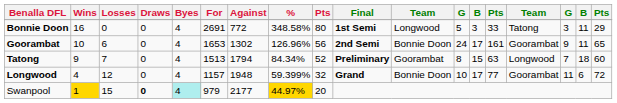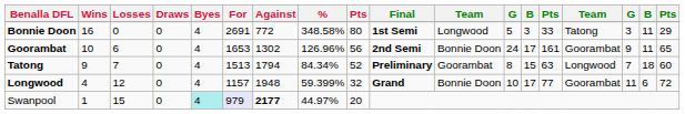 <table style="font-size: 85%; text-align: left;" class="wikitable">
 <tr>
 <th style="color:crimson">Benalla DFL</th>
 <th style="color:crimson">Wins</th>
 <th style="color:crimson">Losses</th>
 <th style="color:crimson">Draws</th>
 <th style="color:crimson">Byes</th>
 <th style="color:crimson">For</th>
 <th style="color:crimson">Against</th>
 <th style="color:crimson">%</th>
 <th style="color:crimson">Pts</th>
 <th style="color:green">Final</th>
 <th style="color:green">Team</th>
 <th style="color:green">G</th>
 <th style="color:green">B</th>
 <th style="color:green">Pts</th>
 <th style="color:green">Team</th>
 <th style="color:green">G</th>
 <th style="color:green">B</th>
 <th style="color:green">Pts</th>
 </tr>
 <tr>
 </tr>
 <tr>
 </tr>
 <tr>
 <td><strong>Bonnie Doon</strong></td>
 <td>16</td>
 <td>0</td>
 <td>0</td>
 <td>4</td>
 <td>2691</td>
 <td>772</td>
 <td>348.58%</td>
 <td>80</td>
 <td><strong>1st Semi</strong></td>
 <td>Longwood</td>
 <td>5</td>
 <td>3</td>
 <td>33</td>
 <td>Tatong</td>
 <td>3</td>
 <td>11</td>
 <td>29</td>
 </tr>
 <tr>
 <td><strong>Goorambat</strong></td>
 <td>10</td>
 <td>6</td>
 <td>0</td>
 <td>4</td>
 <td>1653</td>
 <td>1302</td>
 <td>126.96%</td>
 <td>56</td>
 <td><strong>2nd Semi</strong></td>
 <td>Bonnie Doon</td>
 <td>24</td>
 <td>17</td>
 <td>161</td>
 <td>Goorambat</td>
 <td>9</td>
 <td>11</td>
 <td>65</td>
 </tr>
 <tr>
 <td><strong>Tatong</strong></td>
 <td>9</td>
 <td>7</td>
 <td>0</td>
 <td>4</td>
 <td>1513</td>
 <td>1794</td>
 <td>84.34%</td>
 <td>52</td>
 <td><strong>Preliminary</strong></td>
 <td>Goorambat</td>
 <td>8</td>
 <td>15</td>
 <td>63</td>
 <td>Longwood</td>
 <td>7</td>
 <td>18</td>
 <td>60</td>
 </tr>
 <tr>
 <td><strong>Longwood</strong></td>
 <td>4</td>
 <td>12</td>
 <td>0</td>
 <td>4</td>
 <td>1157</td>
 <td>1948</td>
 <td>59.399%</td>
 <td>32</td>
 <td><strong>Grand</strong></td>
 <td>Bonnie Doon</td>
 <td>10</td>
 <td>17</td>
 <td>77</td>
 <td>Goorambat</td>
 <td>11</td>
 <td>6</td>
 <td>72</td>
 </tr>
 <tr>
 <td>Swanpool</td>
-<td style="background: gold;">1</td>
+<td>1</td>
 <td>15</td>
-<td><strong>0</strong></td>
+<td>0</td>
 <td style="background: paleturquoise;">4</td>
-<td>979</td>
-<td>2177</td>
-<td style="background: gold;">44.97%</td>
+<td style="background: lavender;">979</td>
+<td><strong>2177</strong></td>
+<td>44.97%</td>
 <td>20</td>
 </tr>
 </table>
